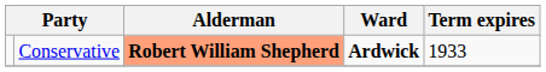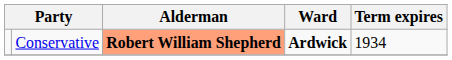 <table class="wikitable">
 <tr>
 <th colspan="2">Party</th>
 <th>Alderman</th>
 <th>Ward</th>
 <th>Term expires</th>
 </tr>
 <tr>
 <td style="background-color:"></td>
 <td><a href='#'>Conservative</a></td>
 <td style="background: lightsalmon;"><strong>Robert William Shepherd</strong></td>
 <td><strong>Ardwick</strong></td>
-<td>1933</td>
+<td>1934</td>
 </tr>
 <tr>
 </tr>
 </table>
